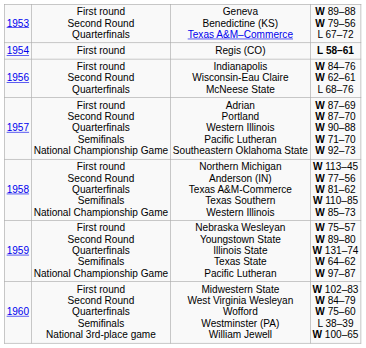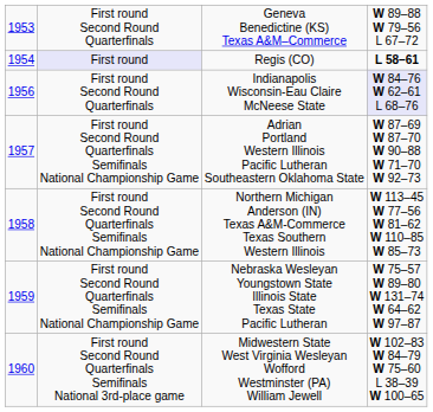 <table class="wikitable">
 <tr align="center">
 <td><a href='#'>1953</a></td>
 <td>First round<br>Second Round<br>Quarterfinals</td>
 <td>Geneva<br>Benedictine (KS)<br><a href='#'>Texas A&M–Commerce</a></td>
 <td><strong>W</strong> 89–88<br><strong>W</strong> 79–56<br>L 67–72</td>
 </tr>
 <tr align="center">
 <td><a href='#'>1954</a></td>
-<td>First round</td>
+<td style="background: lavender;">First round</td>
 <td>Regis (CO)</td>
 <td><strong>L 58–61</strong></td>
 </tr>
 <tr align="center">
 <td><a href='#'>1956</a></td>
 <td>First round<br>Second Round<br>Quarterfinals</td>
 <td>Indianapolis<br>Wisconsin-Eau Claire<br>McNeese State</td>
-<td><strong>W</strong> 84–76<br><strong>W</strong> 62–61<br>L 68–76</td>
+<td style="background: lavender;"><strong>W</strong> 84–76<br><strong>W</strong> 62–61<br>L 68–76</td>
 </tr>
 <tr align="center">
 <td><a href='#'>1957</a></td>
 <td>First round<br>Second Round<br>Quarterfinals<br>Semifinals<br>National Championship Game</td>
 <td>Adrian<br>Portland<br>Western Illinois<br>Pacific Lutheran<br>Southeastern Oklahoma State</td>
 <td><strong>W</strong> 87–69<br><strong>W</strong> 87–70<br><strong>W</strong> 90–88<br><strong>W</strong> 71–70<br><strong>W</strong> 92–73</td>
 </tr>
 <tr align="center">
 <td><a href='#'>1958</a></td>
 <td>First round<br>Second Round<br>Quarterfinals<br>Semifinals<br>National Championship Game</td>
 <td>Northern Michigan<br>Anderson (IN)<br>Texas A&M-Commerce<br>Texas Southern<br>Western Illinois</td>
 <td><strong>W</strong> 113–45<br><strong>W</strong> 77–56<br><strong>W</strong> 81–62<br><strong>W</strong> 110–85<br><strong>W</strong> 85–73</td>
 </tr>
 <tr align="center">
 <td><a href='#'>1959</a></td>
 <td>First round<br>Second Round<br>Quarterfinals<br>Semifinals<br>National Championship Game</td>
 <td>Nebraska Wesleyan<br>Youngstown State<br>Illinois State<br>Texas State<br>Pacific Lutheran</td>
 <td><strong>W</strong> 75–57<br><strong>W</strong> 89–80<br><strong>W</strong> 131–74<br><strong>W</strong> 64–62<br><strong>W</strong> 97–87</td>
 </tr>
 <tr align="center">
 <td><a href='#'>1960</a></td>
 <td>First round<br>Second Round<br>Quarterfinals<br>Semifinals<br>National 3rd-place game</td>
 <td>Midwestern State<br>West Virginia Wesleyan<br>Wofford<br>Westminster (PA)<br>William Jewell</td>
 <td><strong>W</strong> 102–83<br><strong>W</strong> 84–79<br><strong>W</strong> 75–60<br>L 38–39<br><strong>W</strong> 100–65</td>
 </tr>
 </table>
